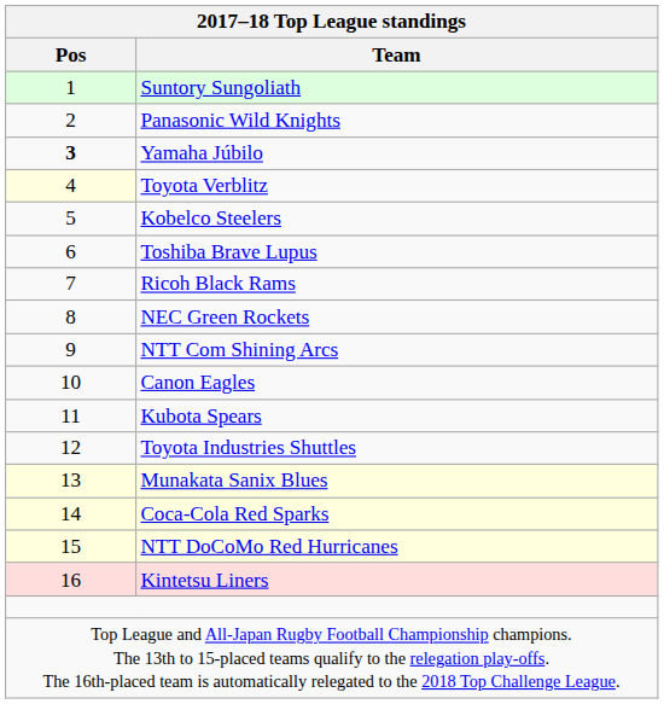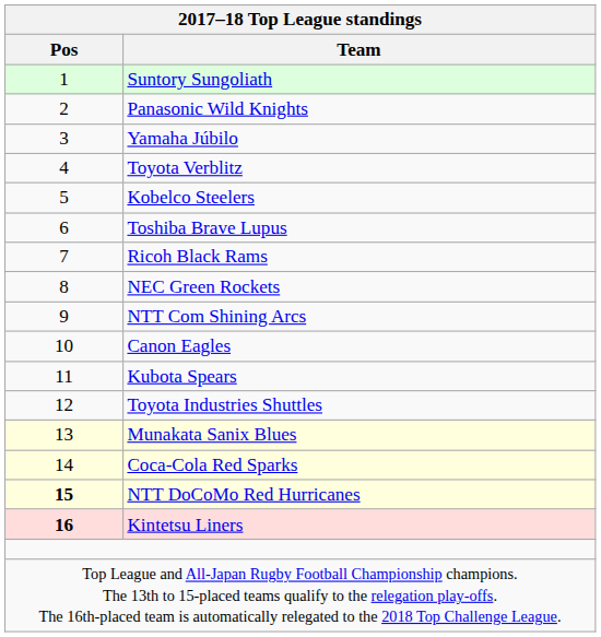 <table class="wikitable" style="text-align:center; font-size:100%; width:40%;">
 <tr>
 <th colspan="100%" cellpadding="0" cellspacing="0"><strong>2017–18 Top League standings</strong></th>
 </tr>
 <tr>
 <th style="width:20%;">Pos</th>
 <th style="width:80%;">Team</th>
 </tr>
 <tr style="background:#DDFFDD;">
 <td>1</td>
 <td style="text-align:left;"><a href='#'>Suntory Sungoliath</a></td>
 </tr>
 <tr>
 <td>2</td>
 <td style="text-align:left;"><a href='#'>Panasonic Wild Knights</a></td>
 </tr>
 <tr>
-<td><strong>3</strong></td>
+<td>3</td>
 <td style="text-align:left;"><a href='#'>Yamaha Júbilo</a></td>
 </tr>
 <tr>
-<td style="background: lightyellow;">4</td>
+<td>4</td>
 <td style="text-align:left;"><a href='#'>Toyota Verblitz</a></td>
 </tr>
 <tr>
 <td>5</td>
 <td style="text-align:left;"><a href='#'>Kobelco Steelers</a></td>
 </tr>
 <tr>
 <td>6</td>
 <td style="text-align:left;"><a href='#'>Toshiba Brave Lupus</a></td>
 </tr>
 <tr>
 <td>7</td>
 <td style="text-align:left;"><a href='#'>Ricoh Black Rams</a></td>
 </tr>
 <tr>
 <td>8</td>
 <td style="text-align:left;"><a href='#'>NEC Green Rockets</a></td>
 </tr>
 <tr>
 <td>9</td>
 <td style="text-align:left;"><a href='#'>NTT Com Shining Arcs</a></td>
 </tr>
 <tr>
 <td>10</td>
 <td style="text-align:left;"><a href='#'>Canon Eagles</a></td>
 </tr>
 <tr>
 <td>11</td>
 <td style="text-align:left;"><a href='#'>Kubota Spears</a></td>
 </tr>
 <tr>
 <td>12</td>
 <td style="text-align:left;"><a href='#'>Toyota Industries Shuttles</a></td>
 </tr>
 <tr style="background:#FFFFDD;">
 <td>13</td>
 <td style="text-align:left;"><a href='#'>Munakata Sanix Blues</a></td>
 </tr>
 <tr style="background:#FFFFDD;">
 <td>14</td>
 <td style="text-align:left;"><a href='#'>Coca-Cola Red Sparks</a></td>
 </tr>
 <tr style="background:#FFFFDD;">
-<td>15</td>
+<td><strong>15</strong></td>
 <td style="text-align:left;"><a href='#'>NTT DoCoMo Red Hurricanes</a></td>
 </tr>
 <tr style="background:#FFDDDD;">
-<td>16</td>
+<td><strong>16</strong></td>
 <td style="text-align:left;"><a href='#'>Kintetsu Liners</a></td>
 </tr>
 <tr>
 <td colspan="100%" style="height:10px;"></td>
 </tr>
 <tr>
 <td colspan="100%"><small><span>Top League and <a href='#'>All-Japan Rugby Football Championship</a> champions.</span> <br> <span>The 13th to 15-placed teams qualify to the <a href='#'>relegation play-offs</a>.</span> <br> <span>The 16th-placed team is automatically relegated to the <a href='#'>2018 Top Challenge League</a>.</span></small></td>
 </tr>
 </table>
